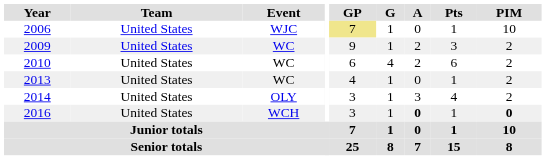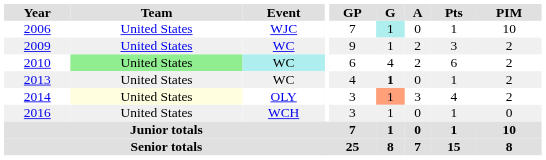 <table border="0" cellpadding="1" cellspacing="0" ID="Table3" style="text-align:center; width:40em">
 <tr bgcolor="#e0e0e0">
 <th>Year</th>
 <th>Team</th>
 <th>Event</th>
 <th rowspan="102" bgcolor="#ffffff"></th>
 <th>GP</th>
 <th>G</th>
 <th>A</th>
 <th>Pts</th>
 <th>PIM</th>
 </tr>
 <tr>
 <td><a href='#'>2006</a></td>
 <td><a href='#'>United States</a></td>
 <td><a href='#'>WJC</a></td>
-<td style="background: khaki;">7</td>
-<td>1</td>
+<td>7</td>
+<td style="background: paleturquoise;">1</td>
 <td>0</td>
 <td>1</td>
 <td>10</td>
 </tr>
 <tr bgcolor="#f0f0f0">
 <td><a href='#'>2009</a></td>
 <td><a href='#'>United States</a></td>
 <td><a href='#'>WC</a></td>
 <td>9</td>
 <td>1</td>
 <td>2</td>
 <td>3</td>
 <td>2</td>
 </tr>
 <tr>
 <td><a href='#'>2010</a></td>
-<td>United States</td>
-<td>WC</td>
+<td style="background: lightgreen;">United States</td>
+<td style="background: paleturquoise;">WC</td>
 <td>6</td>
 <td>4</td>
 <td>2</td>
 <td>6</td>
 <td>2</td>
 </tr>
 <tr bgcolor="#f0f0f0">
 <td><a href='#'>2013</a></td>
 <td>United States</td>
 <td>WC</td>
 <td>4</td>
-<td>1</td>
+<td><strong>1</strong></td>
 <td>0</td>
 <td>1</td>
 <td>2</td>
 </tr>
 <tr>
 <td><a href='#'>2014</a></td>
-<td>United States</td>
+<td style="background: lightyellow;">United States</td>
 <td><a href='#'>OLY</a></td>
 <td>3</td>
-<td>1</td>
+<td style="background: lightsalmon;">1</td>
 <td>3</td>
 <td>4</td>
 <td>2</td>
 </tr>
 <tr bgcolor="#f0f0f0">
 <td><a href='#'>2016</a></td>
 <td>United States</td>
 <td><a href='#'>WCH</a></td>
 <td>3</td>
 <td>1</td>
-<td><strong>0</strong></td>
+<td>0</td>
 <td>1</td>
-<td><strong>0</strong></td>
+<td>0</td>
 </tr>
 <tr bgcolor="#e0e0e0">
 <th colspan="4">Junior totals</th>
 <th>7</th>
 <th>1</th>
 <th>0</th>
 <th>1</th>
 <th>10</th>
 </tr>
 <tr bgcolor="#e0e0e0">
 <th colspan="4">Senior totals</th>
 <th>25</th>
 <th>8</th>
 <th>7</th>
 <th>15</th>
 <th>8</th>
 </tr>
 </table>
